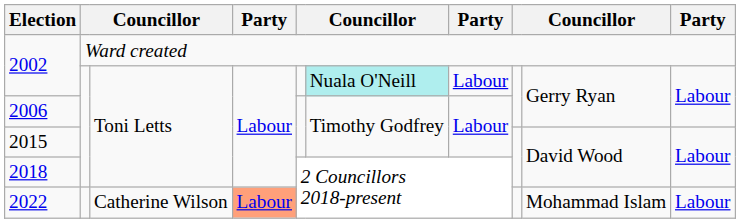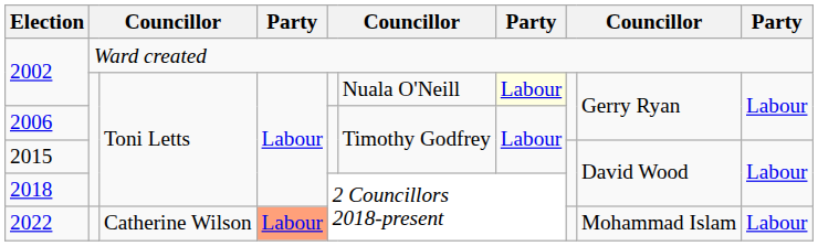 <table class="wikitable">
 <tr>
 <th>Election</th>
 <th colspan="2">Councillor</th>
 <th>Party</th>
 <th colspan="2">Councillor</th>
 <th>Party</th>
 <th colspan="2">Councillor</th>
 <th>Party</th>
 </tr>
 <tr>
 <td rowspan="2"><a href='#'>2002</a></td>
 <td colspan="12"><em>Ward created</em></td>
 </tr>
 <tr>
 <td rowspan="4" style="background-color: "></td>
 <td rowspan="4">Toni Letts</td>
 <td rowspan="4"><a href='#'>Labour</a></td>
 <td style="background-color: "></td>
-<td style="background: paleturquoise;">Nuala O'Neill</td>
-<td><a href='#'>Labour</a></td>
+<td>Nuala O'Neill</td>
+<td style="background: lightyellow;"><a href='#'>Labour</a></td>
 <td rowspan="2" style="background-color: "></td>
 <td rowspan="2">Gerry Ryan</td>
 <td rowspan="2"><a href='#'>Labour</a></td>
 </tr>
 <tr>
 <td><a href='#'>2006</a></td>
 <td rowspan="2" style="background-color: "></td>
 <td rowspan="2">Timothy Godfrey</td>
 <td rowspan="2"><a href='#'>Labour</a></td>
 </tr>
 <tr>
 <td>2015</td>
 <td rowspan="2" style="background-color: "></td>
 <td rowspan="2">David Wood</td>
 <td rowspan="2"><a href='#'>Labour</a></td>
 </tr>
 <tr>
 <td><a href='#'>2018</a></td>
 <td rowspan="2" colspan="3" style="background-color:#FFFFFF"><em>2 Councillors<br>2018-present</em></td>
 </tr>
 <tr>
 <td><a href='#'>2022</a></td>
 <td style="background-color: "></td>
 <td>Catherine Wilson</td>
 <td style="background: lightsalmon;"><a href='#'>Labour</a></td>
 <td style="background-color: "></td>
 <td>Mohammad Islam</td>
 <td><a href='#'>Labour</a></td>
 </tr>
 </table>
